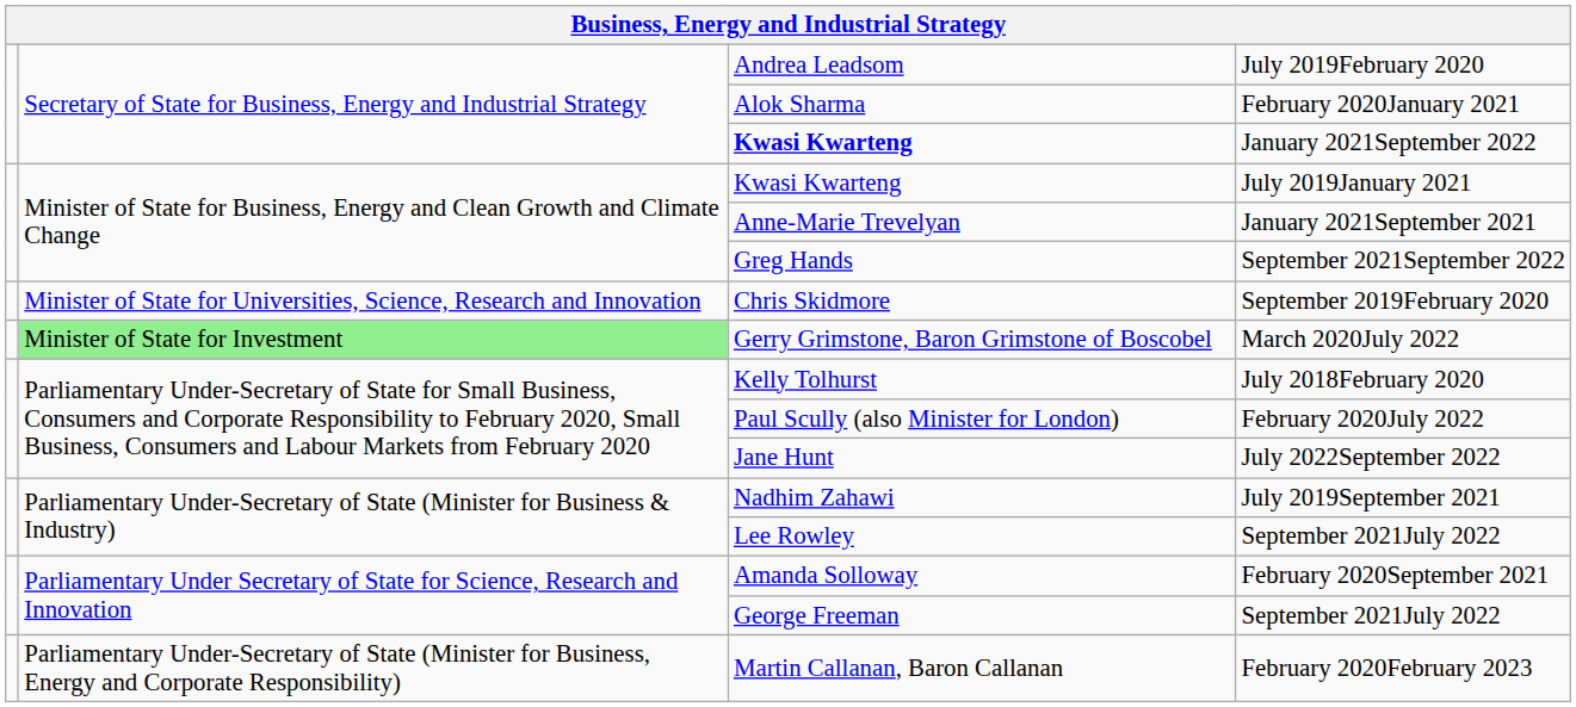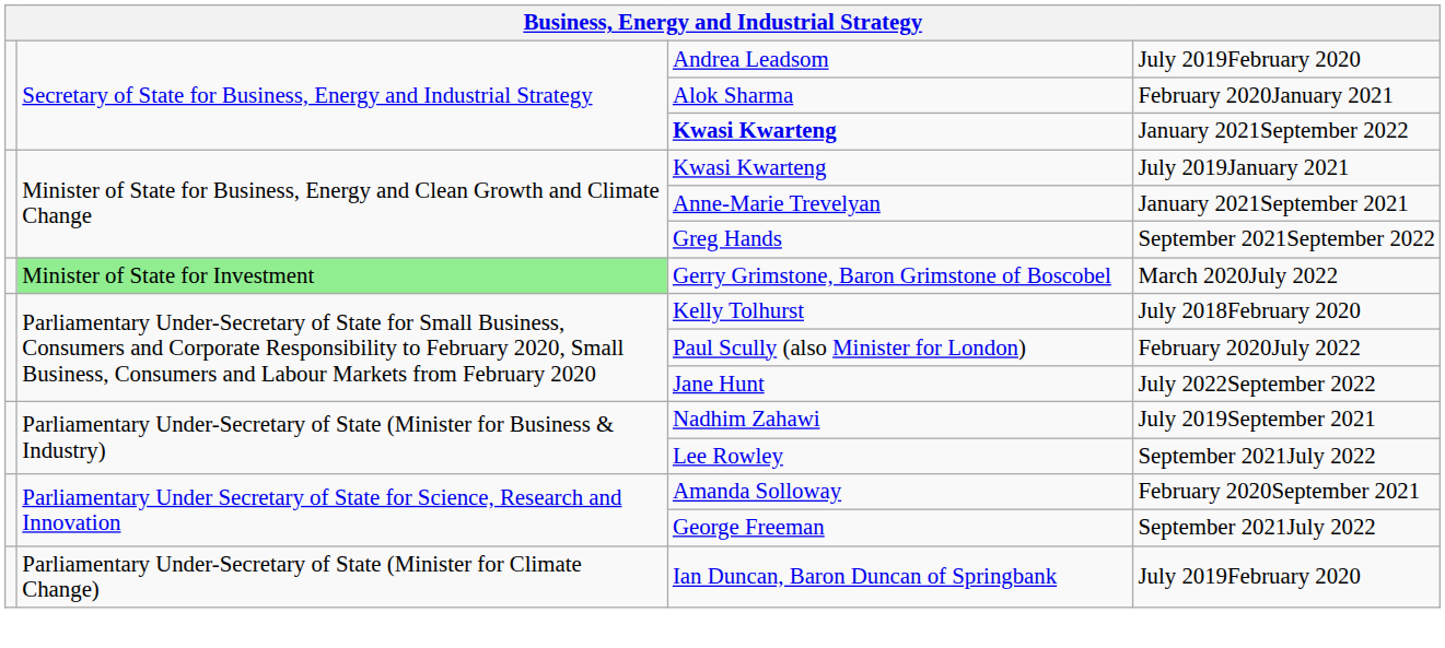 <table class="wikitable">
 <tr>
 <th colspan="4"><a href='#'>Business, Energy and Industrial Strategy</a></th>
 </tr>
 <tr>
 <td rowspan=3 style="width: 1px; background: "></td>
 <td rowspan=3 style="width: 450px;"><a href='#'>Secretary of State for Business, Energy and Industrial Strategy</a></td>
 <td style="width: 320px;"><a href='#'>Andrea Leadsom</a></td>
 <td>July 2019February 2020</td>
 </tr>
 <tr>
 <td><a href='#'>Alok Sharma</a></td>
 <td>February 2020January 2021</td>
 </tr>
 <tr>
 <td><strong><a href='#'>Kwasi Kwarteng</a></strong></td>
 <td>January 2021September 2022</td>
 </tr>
 <tr>
 <td rowspan=3 style="width: 1px; background: "></td>
 <td rowspan=3>Minister of State for Business, Energy and Clean Growth and Climate Change</td>
 <td><a href='#'>Kwasi Kwarteng</a></td>
 <td>July 2019January 2021</td>
 </tr>
 <tr>
 <td><a href='#'>Anne-Marie Trevelyan</a></td>
 <td>January 2021September 2021</td>
 </tr>
 <tr>
 <td><a href='#'>Greg Hands</a></td>
 <td>September 2021September 2022</td>
-</tr>
-<tr>
-<td style="width: 1px; background: "></td>
-<td><a href='#'>Minister of State for Universities, Science, Research and Innovation</a></td>
-<td><a href='#'>Chris Skidmore</a><br></td>
-<td>September 2019February 2020</td>
 </tr>
 <tr>
 <td rowspan=1 style="width: 1px; background: "></td>
 <td style="background: lightgreen;">Minister of State for Investment</td>
 <td><a href='#'>Gerry Grimstone, Baron Grimstone of Boscobel</a> </td>
 <td>March 2020July 2022</td>
 </tr>
 <tr>
 <td rowspan=3 style="width: 1px; background: "></td>
 <td rowspan=3>Parliamentary Under-Secretary of State for Small Business, Consumers and Corporate Responsibility to February 2020, Small Business, Consumers and Labour Markets from February 2020</td>
 <td><a href='#'>Kelly Tolhurst</a></td>
 <td>July 2018February 2020</td>
 </tr>
 <tr>
 <td><a href='#'>Paul Scully</a>  (also <a href='#'>Minister for London</a>)</td>
 <td>February 2020July 2022</td>
 </tr>
 <tr>
 <td><a href='#'>Jane Hunt</a></td>
 <td>July 2022September 2022</td>
 </tr>
 <tr>
 <td rowspan=2 style="width: 1px; background: "></td>
 <td rowspan=2>Parliamentary Under-Secretary of State (Minister for Business & Industry)</td>
 <td><a href='#'>Nadhim Zahawi</a> </td>
 <td>July 2019September 2021</td>
 </tr>
 <tr>
 <td><a href='#'>Lee Rowley</a> </td>
 <td>September 2021July 2022</td>
 </tr>
 <tr>
 <td rowspan=2 style="width: 1px; background: "></td>
 <td rowspan=2><a href='#'>Parliamentary Under Secretary of State for Science, Research and Innovation</a></td>
 <td><a href='#'>Amanda Solloway</a></td>
 <td>February 2020September 2021</td>
 </tr>
 <tr>
 <td><a href='#'>George Freeman</a></td>
 <td>September 2021July 2022</td>
 </tr>
 <tr>
 <td style="width: 1px; background: "></td>
-<td>Parliamentary Under-Secretary of State (Minister for Business, Energy and Corporate Responsibility)</td>
-<td><a href='#'>Martin Callanan</a>, Baron Callanan</td>
-<td>February 2020February 2023</td>
+<td>Parliamentary Under-Secretary of State (Minister for Climate Change)</td>
+<td><a href='#'>Ian Duncan, Baron Duncan of Springbank</a> <br></td>
+<td>July 2019February 2020</td>
 </tr>
 </table>
